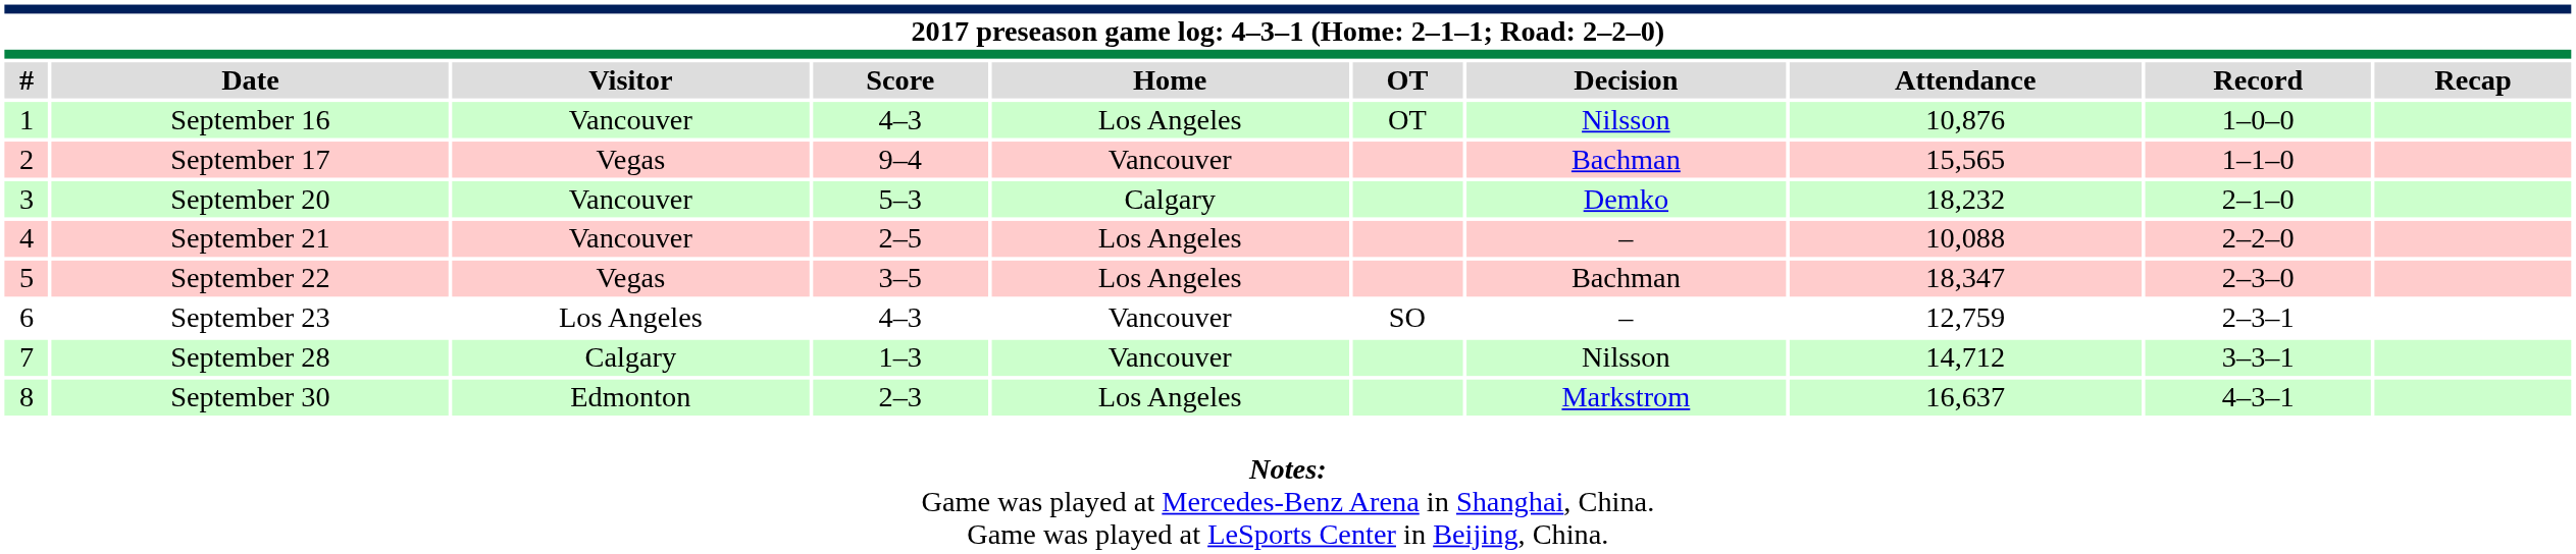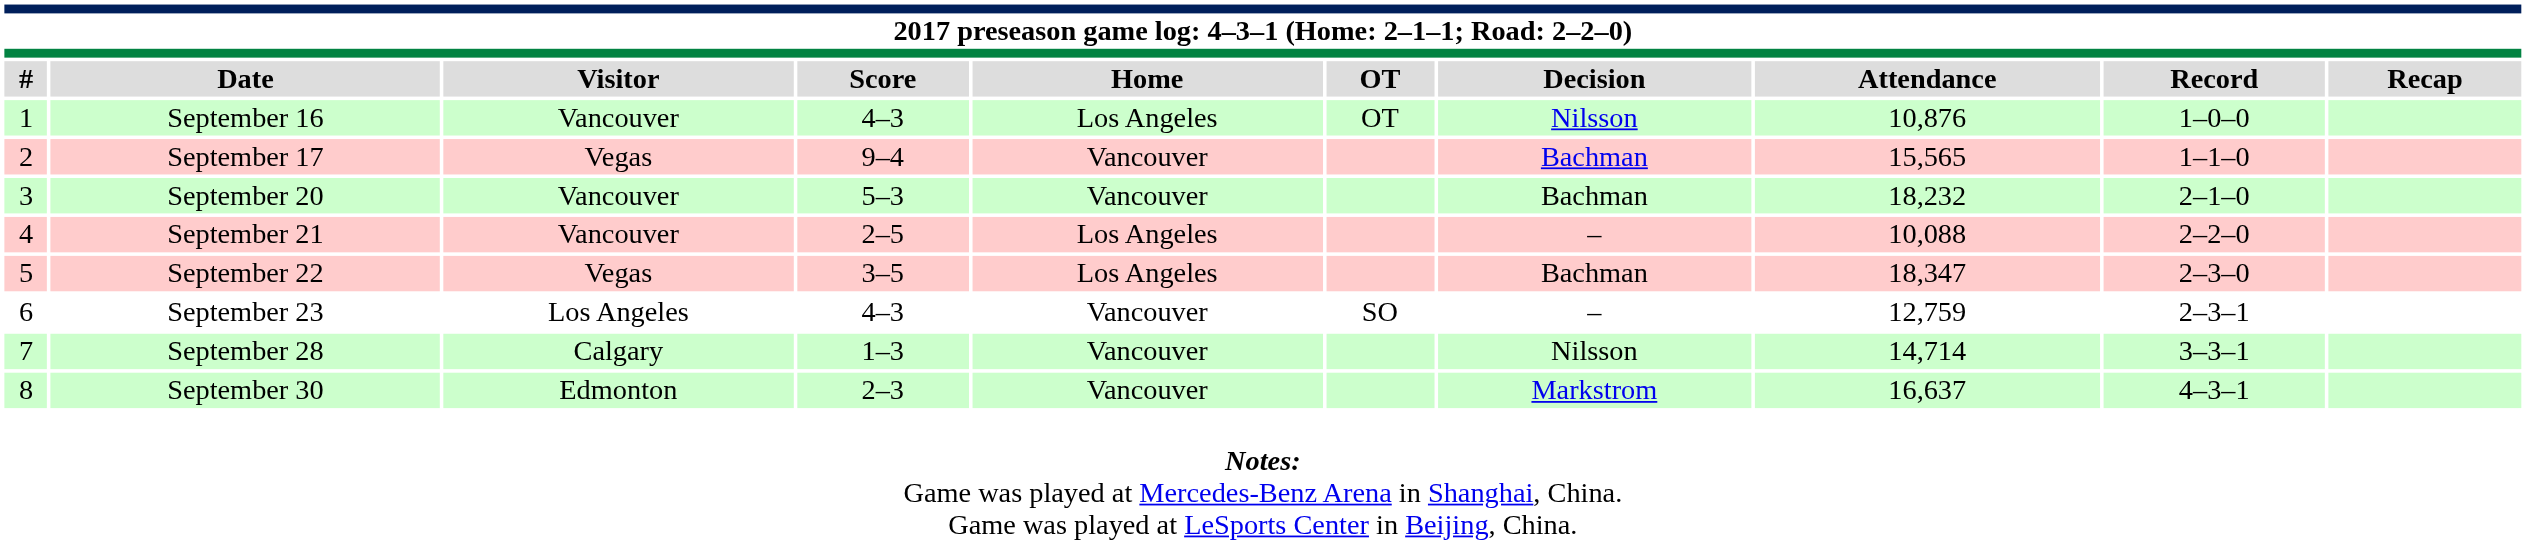 <table class="toccolours collapsible collapsed" style="width:90%; clear:both; margin:1.5em auto; text-align:center;">
 <tr>
 <th colspan=10 style="background:#FFFFFF; border-top:#001F5B 5px solid; border-bottom:#028342 5px solid;">2017 preseason game log: 4–3–1 (Home: 2–1–1; Road: 2–2–0)</th>
 </tr>
 <tr style="background:#ddd;">
 <th>#</th>
 <th>Date</th>
 <th>Visitor</th>
 <th>Score</th>
 <th>Home</th>
 <th>OT</th>
 <th>Decision</th>
 <th>Attendance</th>
 <th>Record</th>
 <th>Recap</th>
 </tr>
 <tr style="background:#cfc;">
 <td>1</td>
 <td>September 16</td>
 <td>Vancouver</td>
 <td>4–3</td>
 <td>Los Angeles</td>
 <td>OT</td>
 <td><a href='#'>Nilsson</a></td>
 <td>10,876</td>
 <td>1–0–0</td>
 <td></td>
 </tr>
 <tr style="background:#fcc;">
 <td>2</td>
 <td>September 17</td>
 <td>Vegas</td>
 <td>9–4</td>
 <td>Vancouver</td>
 <td></td>
 <td><a href='#'>Bachman</a></td>
 <td>15,565</td>
 <td>1–1–0</td>
 <td></td>
 </tr>
 <tr style="background:#cfc;">
 <td>3</td>
 <td>September 20</td>
 <td>Vancouver</td>
 <td>5–3</td>
-<td>Calgary</td>
+<td>Vancouver</td>
 <td></td>
-<td><a href='#'>Demko</a></td>
+<td>Bachman</td>
 <td>18,232</td>
 <td>2–1–0</td>
 <td></td>
 </tr>
 <tr style="background:#fcc;">
 <td>4</td>
 <td>September 21</td>
 <td>Vancouver</td>
 <td>2–5</td>
 <td>Los Angeles</td>
 <td></td>
 <td>–</td>
 <td>10,088</td>
 <td>2–2–0</td>
 <td></td>
 </tr>
 <tr style="background:#fcc;">
 <td>5</td>
 <td>September 22</td>
 <td>Vegas</td>
 <td>3–5</td>
 <td>Los Angeles</td>
 <td></td>
 <td>Bachman</td>
 <td>18,347</td>
 <td>2–3–0</td>
 <td></td>
 </tr>
 <tr style="background:#fff;">
 <td>6</td>
 <td>September 23</td>
 <td>Los Angeles</td>
 <td>4–3</td>
 <td>Vancouver</td>
 <td>SO</td>
 <td>–</td>
 <td>12,759</td>
 <td>2–3–1</td>
 <td></td>
 </tr>
 <tr style="background:#cfc;">
 <td>7</td>
 <td>September 28</td>
 <td>Calgary</td>
 <td>1–3</td>
 <td>Vancouver</td>
 <td></td>
 <td>Nilsson</td>
-<td>14,712</td>
+<td>14,714</td>
 <td>3–3–1</td>
 <td></td>
 </tr>
 <tr style="background:#cfc;">
 <td>8</td>
 <td>September 30</td>
 <td>Edmonton</td>
 <td>2–3</td>
-<td>Los Angeles</td>
+<td>Vancouver</td>
 <td></td>
 <td><a href='#'>Markstrom</a></td>
 <td>16,637</td>
 <td>4–3–1</td>
 <td></td>
 </tr>
 <tr>
 <td colspan="10" style="text-align:center;"><br><strong><em>Notes:</em></strong><br> Game was played at <a href='#'>Mercedes-Benz Arena</a> in <a href='#'>Shanghai</a>, China.<br> Game was played at <a href='#'>LeSports Center</a> in <a href='#'>Beijing</a>, China.</td>
 </tr>
 </table>
